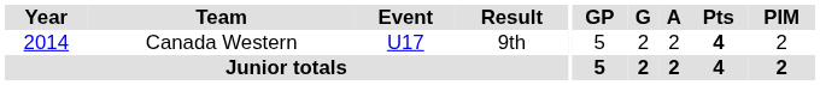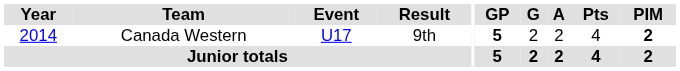 <table border="0" cellpadding="1" cellspacing="0" ID="Table3" style="text-align:center; width:40em;">
 <tr bgcolor="#e0e0e0">
 <th>Year</th>
 <th>Team</th>
 <th>Event</th>
 <th>Result</th>
 <th rowspan="99" bgcolor="#ffffff"></th>
 <th>GP</th>
 <th>G</th>
 <th>A</th>
 <th>Pts</th>
 <th>PIM</th>
 </tr>
 <tr>
 <td><a href='#'>2014</a></td>
 <td>Canada Western</td>
 <td><a href='#'>U17</a></td>
 <td>9th</td>
-<td>5</td>
+<td><strong>5</strong></td>
 <td>2</td>
 <td>2</td>
-<td><strong>4</strong></td>
-<td>2</td>
+<td>4</td>
+<td><strong>2</strong></td>
 </tr>
 <tr bgcolor="#e0e0e0">
 <th colspan="4">Junior totals</th>
 <th>5</th>
 <th>2</th>
 <th>2</th>
 <th>4</th>
 <th>2</th>
 </tr>
 </table>
